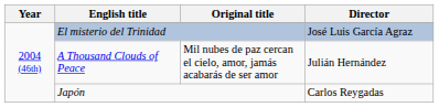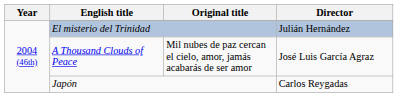 <table class="wikitable">
 <tr>
 <th width="100"><strong>Year</strong></th>
 <th width="300"><strong>English title</strong></th>
 <th width="300"><strong>Original title</strong></th>
 <th width="300"><strong>Director</strong></th>
 </tr>
 <tr>
 <td rowspan="5" style="text-align:center;"><a href='#'>2004</a><br><small><a href='#'>(46th)</a></small></td>
 </tr>
 <tr style="background:#B0C4DE;">
 <td colspan="2"><em>El misterio del Trinidad</em></td>
-<td>José Luis García Agraz</td>
+<td>Julián Hernández</td>
 </tr>
 <tr>
 <td><em><a href='#'>A Thousand Clouds of Peace</a></em></td>
 <td>Mil nubes de paz cercan el cielo, amor, jamás acabarás de ser amor</td>
-<td>Julián Hernández</td>
+<td>José Luis García Agraz</td>
 </tr>
 <tr>
 <td colspan="2"><em>Japón</em></td>
 <td>Carlos Reygadas</td>
 </tr>
 </table>
